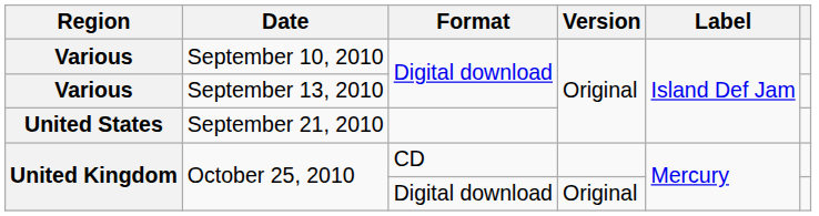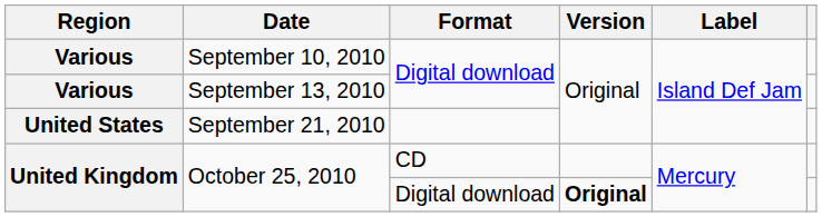 <table class="wikitable plainrowheaders">
 <tr>
 <th scope="col">Region</th>
 <th scope="col">Date</th>
 <th scope="col">Format</th>
 <th scope="col">Version</th>
 <th scope="col">Label</th>
 <th scope="col"></th>
 </tr>
 <tr>
 <th scope="row">Various</th>
 <td>September 10, 2010</td>
 <td rowspan="2"><a href='#'>Digital download</a></td>
 <td rowspan="3">Original</td>
 <td rowspan="3"><a href='#'>Island Def Jam</a></td>
 <td align="center"><br></td>
 </tr>
 <tr>
 <th scope="row">Various</th>
 <td>September 13, 2010</td>
 <td align="center"><br></td>
 </tr>
 <tr>
 <th scope="row">United States</th>
 <td>September 21, 2010</td>
 <td></td>
 <td align="center"></td>
 </tr>
 <tr>
 <th rowspan="2" scope="row">United Kingdom</th>
 <td rowspan="2">October 25, 2010</td>
 <td>CD</td>
 <td></td>
 <td rowspan="2"><a href='#'>Mercury</a></td>
 <td align="center"></td>
 </tr>
 <tr>
 <td>Digital download</td>
-<td>Original</td>
+<td><strong>Original</strong></td>
 <td align="center"></td>
 </tr>
 </table>
